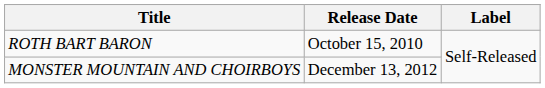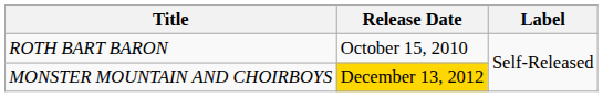 <table class="wikitable">
 <tr>
 <th>Title</th>
 <th>Release Date</th>
 <th>Label</th>
 </tr>
 <tr>
 <td><em>ROTH BART BARON</em></td>
 <td>October 15, 2010</td>
 <td rowspan="2">Self-Released</td>
 </tr>
 <tr>
 <td><em>MONSTER MOUNTAIN AND CHOIRBOYS</em></td>
-<td>December 13, 2012</td>
+<td style="background: gold;">December 13, 2012</td>
 </tr>
 </table>
